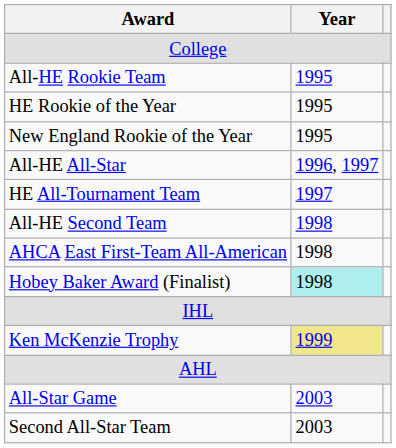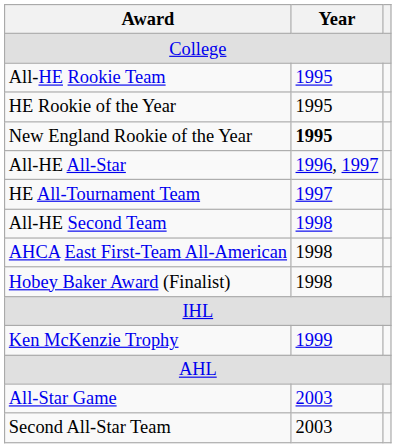 <table class="wikitable">
 <tr>
 <th>Award</th>
 <th>Year</th>
 <th></th>
 </tr>
 <tr ALIGN="center" bgcolor="#e0e0e0">
 <td colspan="3"><a href='#'>College</a></td>
 </tr>
 <tr>
 <td>All-<a href='#'>HE</a> <a href='#'>Rookie Team</a></td>
 <td><a href='#'>1995</a></td>
 <td></td>
 </tr>
 <tr>
 <td>HE Rookie of the Year</td>
 <td>1995</td>
 <td></td>
 </tr>
 <tr>
 <td>New England Rookie of the Year</td>
-<td>1995</td>
+<td><strong>1995</strong></td>
 <td></td>
 </tr>
 <tr>
 <td>All-HE <a href='#'>All-Star</a></td>
 <td><a href='#'>1996</a>, <a href='#'>1997</a></td>
 <td></td>
 </tr>
 <tr>
 <td>HE <a href='#'>All-Tournament Team</a></td>
 <td><a href='#'>1997</a></td>
 <td></td>
 </tr>
 <tr>
 <td>All-HE <a href='#'>Second Team</a></td>
 <td><a href='#'>1998</a></td>
 <td></td>
 </tr>
 <tr>
 <td><a href='#'>AHCA</a> <a href='#'>East First-Team All-American</a></td>
 <td>1998</td>
 <td></td>
 </tr>
 <tr>
 <td><a href='#'>Hobey Baker Award</a> (Finalist)</td>
-<td style="background: paleturquoise;">1998</td>
+<td>1998</td>
 <td></td>
 </tr>
 <tr ALIGN="center" bgcolor="#e0e0e0">
 <td colspan="3"><a href='#'>IHL</a></td>
 </tr>
 <tr>
 <td><a href='#'>Ken McKenzie Trophy</a></td>
-<td style="background: khaki;"><a href='#'>1999</a></td>
+<td><a href='#'>1999</a></td>
 <td></td>
 </tr>
 <tr ALIGN="center" bgcolor="#e0e0e0">
 <td colspan="3"><a href='#'>AHL</a></td>
 </tr>
 <tr>
 <td><a href='#'>All-Star Game</a></td>
 <td><a href='#'>2003</a></td>
 <td></td>
 </tr>
 <tr>
 <td>Second All-Star Team</td>
 <td>2003</td>
 <td></td>
 </tr>
 </table>
